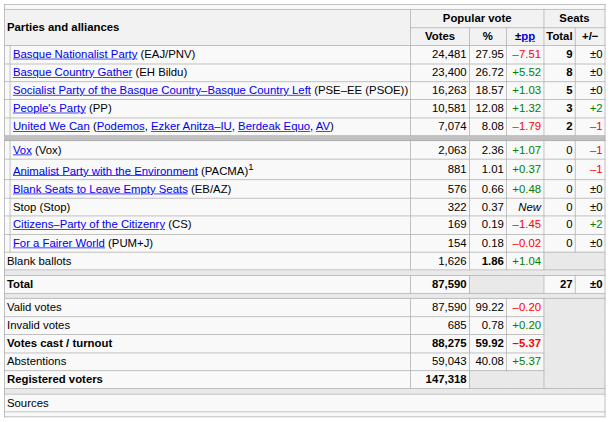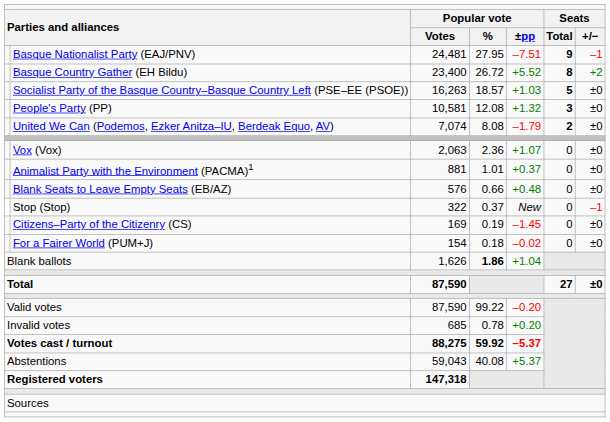 <table class="wikitable" style="text-align:right;">
 <tr>
 <td colspan="7"></td>
 </tr>
 <tr>
 <th style="text-align:left;" rowspan="2" colspan="2" width="525">Parties and alliances</th>
 <th colspan="3">Popular vote</th>
 <th colspan="2">Seats</th>
 </tr>
 <tr>
 <th width="75">Votes</th>
 <th width="45">%</th>
 <th width="45">±<a href='#'>pp</a></th>
 <th width="35">Total</th>
 <th width="35">+/−</th>
 </tr>
 <tr>
 <td width="1" style="color:inherit;background:"></td>
 <td align="left"><a href='#'>Basque Nationalist Party</a> (EAJ/PNV)</td>
 <td>24,481</td>
 <td>27.95</td>
 <td style="color:red;">–7.51</td>
 <td><strong>9</strong></td>
-<td>±0</td>
+<td style="color:red;">–1</td>
 </tr>
 <tr>
 <td style="color:inherit;background:"></td>
 <td align="left"><a href='#'>Basque Country Gather</a> (EH Bildu)</td>
 <td>23,400</td>
 <td>26.72</td>
 <td style="color:green;">+5.52</td>
 <td><strong>8</strong></td>
-<td>±0</td>
+<td style="color:green;">+2</td>
 </tr>
 <tr>
 <td style="color:inherit;background:"></td>
 <td align="left"><a href='#'>Socialist Party of the Basque Country–Basque Country Left</a> (PSE–EE (PSOE))</td>
 <td>16,263</td>
 <td>18.57</td>
 <td style="color:green;">+1.03</td>
 <td><strong>5</strong></td>
 <td>±0</td>
 </tr>
 <tr>
 <td style="color:inherit;background:"></td>
 <td align="left"><a href='#'>People's Party</a> (PP)</td>
 <td>10,581</td>
 <td>12.08</td>
 <td style="color:green;">+1.32</td>
 <td><strong>3</strong></td>
-<td style="color:green;">+2</td>
+<td>±0</td>
 </tr>
 <tr>
 <td style="color:inherit;background:"></td>
 <td align="left"><a href='#'>United We Can</a> (<a href='#'>Podemos</a>, <a href='#'>Ezker Anitza–IU</a>, <a href='#'>Berdeak Equo</a>, <a href='#'>AV</a>)</td>
 <td>7,074</td>
 <td>8.08</td>
 <td style="color:red;">–1.79</td>
 <td><strong>2</strong></td>
-<td style="color:red;">–1</td>
+<td>±0</td>
 </tr>
 <tr>
 <td colspan="7" bgcolor="#C0C0C0"></td>
 </tr>
 <tr>
 <td style="color:inherit;background:"></td>
 <td align="left"><a href='#'>Vox</a> (Vox)</td>
 <td>2,063</td>
 <td>2.36</td>
 <td style="color:green;">+1.07</td>
 <td>0</td>
-<td style="color:red;">–1</td>
+<td>±0</td>
 </tr>
 <tr>
 <td style="color:inherit;background:"></td>
 <td align="left"><a href='#'>Animalist Party with the Environment</a> (PACMA)<sup>1</sup></td>
 <td>881</td>
 <td>1.01</td>
 <td style="color:green;">+0.37</td>
 <td>0</td>
-<td style="color:red;">–1</td>
+<td>±0</td>
 </tr>
 <tr>
 <td style="color:inherit;background:"></td>
 <td align="left"><a href='#'>Blank Seats to Leave Empty Seats</a> (EB/AZ)</td>
 <td>576</td>
 <td>0.66</td>
 <td style="color:green;">+0.48</td>
 <td>0</td>
 <td>±0</td>
 </tr>
 <tr>
 <td bgcolor="white"></td>
 <td align="left">Stop (Stop)</td>
 <td>322</td>
 <td>0.37</td>
 <td><em>New</em></td>
 <td>0</td>
-<td>±0</td>
+<td style="color:red;">–1</td>
 </tr>
 <tr>
 <td style="color:inherit;background:"></td>
 <td align="left"><a href='#'>Citizens–Party of the Citizenry</a> (CS)</td>
 <td>169</td>
 <td>0.19</td>
 <td style="color:red;">–1.45</td>
 <td>0</td>
-<td style="color:green;">+2</td>
+<td>±0</td>
 </tr>
 <tr>
 <td style="color:inherit;background:"></td>
 <td align="left"><a href='#'>For a Fairer World</a> (PUM+J)</td>
 <td>154</td>
 <td>0.18</td>
 <td style="color:red;">–0.02</td>
 <td>0</td>
 <td>±0</td>
 </tr>
 <tr>
 <td align="left" colspan="2">Blank ballots</td>
 <td>1,626</td>
 <td><strong>1.86</strong></td>
 <td style="color:green;">+1.04</td>
 <td bgcolor="#E9E9E9" colspan="2"></td>
 </tr>
 <tr>
 <td colspan="7" bgcolor="#E9E9E9"></td>
 </tr>
 <tr style="font-weight:bold;">
 <td align="left" colspan="2">Total</td>
 <td>87,590</td>
 <td bgcolor="#E9E9E9" colspan="2"></td>
 <td>27</td>
 <td>±0</td>
 </tr>
 <tr>
 <td colspan="7" bgcolor="#E9E9E9"></td>
 </tr>
 <tr>
 <td align="left" colspan="2">Valid votes</td>
 <td>87,590</td>
 <td>99.22</td>
 <td style="color:red;">–0.20</td>
 <td bgcolor="#E9E9E9" colspan="2" rowspan="5"></td>
 </tr>
 <tr>
 <td align="left" colspan="2">Invalid votes</td>
 <td>685</td>
 <td>0.78</td>
 <td style="color:green;">+0.20</td>
 </tr>
 <tr style="font-weight:bold;">
 <td align="left" colspan="2">Votes cast / turnout</td>
 <td>88,275</td>
 <td>59.92</td>
 <td style="color:red;">–5.37</td>
 </tr>
 <tr>
 <td align="left" colspan="2">Abstentions</td>
 <td>59,043</td>
 <td>40.08</td>
 <td style="color:green;">+5.37</td>
 </tr>
 <tr style="font-weight:bold;">
 <td align="left" colspan="2">Registered voters</td>
 <td>147,318</td>
 <td bgcolor="#E9E9E9" colspan="2"></td>
 </tr>
 <tr>
 <td colspan="7" bgcolor="#E9E9E9"></td>
 </tr>
 <tr>
 <td align="left" colspan="7">Sources</td>
 </tr>
 <tr>
 <td colspan="7" style="text-align:left; max-width:790px;"></td>
 </tr>
 </table>
